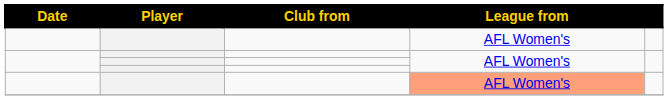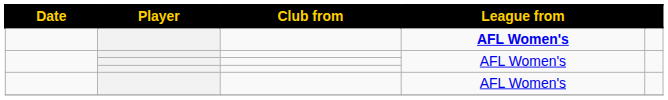 <table class="wikitable sortable plainrowheaders" style="text-align:center; font-size:100%; width:60%">
 <tr>
 <th style="background:black; color:#FED102; border: solid black 2px;">Date</th>
 <th style="background:black; color:#FED102; border: solid black 2px;">Player</th>
 <th style="background:black; color:#FED102; border: solid black 2px;">Club from</th>
 <th style="background:black; color:#FED102; border: solid black 2px;">League from</th>
 <th style="background:black; color:#FED102; border: solid black 2px;"></th>
 </tr>
 <tr>
 <td></td>
 <th scope="row"></th>
 <td></td>
-<td><a href='#'>AFL Women's</a></td>
+<td><strong><a href='#'>AFL Women's</a></strong></td>
 <td></td>
 </tr>
 <tr>
 <td rowspan=3></td>
 <th scope="row"></th>
 <td></td>
 <td rowspan=3><a href='#'>AFL Women's</a></td>
 <td rowspan=3></td>
 </tr>
 <tr>
 <th scope="row"></th>
 <td></td>
 </tr>
 <tr>
 <th scope="row"></th>
 <td></td>
 </tr>
 <tr>
 <td></td>
 <th scope="row"></th>
 <td></td>
-<td style="background: lightsalmon;"><a href='#'>AFL Women's</a></td>
+<td><a href='#'>AFL Women's</a></td>
 <td></td>
 </tr>
 <tr>
 </tr>
 </table>
